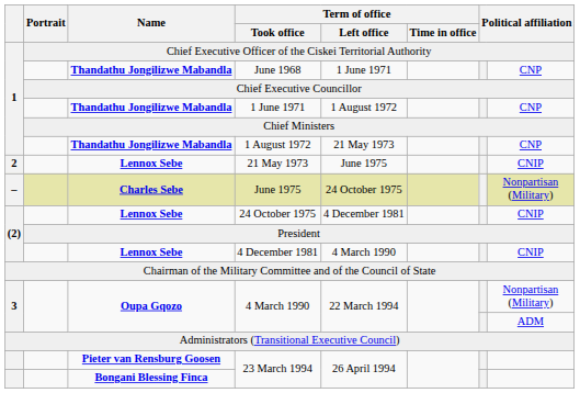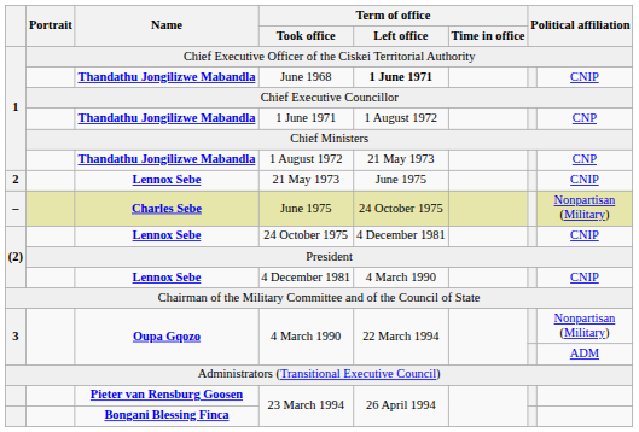 <table class="wikitable" style="font-size:80%;text-align:center">
 <tr>
 <th rowspan=2></th>
 <th rowspan=2>Portrait</th>
 <th rowspan=2>Name<br></th>
 <th colspan=3>Term of office</th>
 <th rowspan=2 colspan=2>Political affiliation</th>
 </tr>
 <tr>
 <th>Took office</th>
 <th>Left office</th>
 <th>Time in office</th>
 </tr>
 <tr style="background:#efefef;">
 <th rowspan=6>1</th>
 <td colspan=8>Chief Executive Officer of the Ciskei Territorial Authority</td>
 </tr>
 <tr>
 <td></td>
 <td><strong><a href='#'>Thandathu Jongilizwe Mabandla</a></strong><br></td>
 <td>June 1968</td>
-<td>1 June 1971</td>
+<td><strong>1 June 1971</strong></td>
 <td></td>
 <th style="background:"></th>
-<td><a href='#'>CNP</a></td>
+<td><a href='#'>CNIP</a></td>
 </tr>
 <tr style="background:#efefef;">
 <td colspan=8>Chief Executive Councillor</td>
 </tr>
 <tr>
 <td></td>
 <td><strong><a href='#'>Thandathu Jongilizwe Mabandla</a></strong><br></td>
 <td>1 June 1971</td>
 <td>1 August 1972</td>
 <td></td>
 <th style="background:"></th>
 <td><a href='#'>CNP</a></td>
 </tr>
 <tr style="background:#efefef;">
 <td colspan=8>Chief Ministers</td>
 </tr>
 <tr>
 <td></td>
 <td><strong><a href='#'>Thandathu Jongilizwe Mabandla</a></strong><br></td>
 <td>1 August 1972</td>
 <td>21 May 1973</td>
 <td></td>
 <th style="background:"></th>
 <td><a href='#'>CNP</a></td>
 </tr>
 <tr>
 <th>2</th>
 <td></td>
 <td><strong><a href='#'>Lennox Sebe</a></strong><br></td>
 <td>21 May 1973</td>
 <td>June 1975</td>
 <td></td>
 <th style="background:"></th>
 <td><a href='#'>CNIP</a></td>
 </tr>
 <tr style="background:#e6e6aa;">
 <th>–</th>
 <td></td>
 <td><strong><a href='#'>Charles Sebe</a></strong><br></td>
 <td>June 1975</td>
 <td>24 October 1975</td>
 <td></td>
 <th style="background:"></th>
 <td><a href='#'>Nonpartisan</a><br>(<a href='#'>Military</a>)</td>
 </tr>
 <tr>
 <th rowspan=3>(2)</th>
 <td></td>
 <td><strong><a href='#'>Lennox Sebe</a></strong><br></td>
 <td>24 October 1975</td>
 <td>4 December 1981</td>
 <td></td>
 <th style="background:"></th>
 <td><a href='#'>CNIP</a></td>
 </tr>
 <tr style="background:#efefef;">
 <td colspan=8>President</td>
 </tr>
 <tr>
 <td></td>
 <td><strong><a href='#'>Lennox Sebe</a></strong><br></td>
 <td>4 December 1981</td>
 <td>4 March 1990<br></td>
 <td></td>
 <th style="background:"></th>
 <td><a href='#'>CNIP</a></td>
 </tr>
 <tr style="background:#efefef;">
 <td colspan=8>Chairman of the Military Committee and of the Council of State</td>
 </tr>
 <tr>
 <th rowspan=2>3</th>
 <td rowspan=2></td>
 <td rowspan=2><strong><a href='#'>Oupa Gqozo</a></strong><br></td>
 <td rowspan=2>4 March 1990</td>
 <td rowspan=2>22 March 1994<br></td>
 <td rowspan=2></td>
 <th style="background:"></th>
 <td><a href='#'>Nonpartisan</a><br>(<a href='#'>Military</a>)</td>
 </tr>
 <tr>
 <th style="background:"></th>
 <td><a href='#'>ADM</a><br></td>
 </tr>
 <tr style="background:#efefef;">
 <td colspan=8>Administrators (<a href='#'>Transitional Executive Council</a>)</td>
 </tr>
 <tr>
 <th></th>
 <td></td>
 <td><strong><a href='#'>Pieter van Rensburg Goosen</a></strong></td>
 <td rowspan=2>23 March 1994</td>
 <td rowspan=2>26 April 1994</td>
 <td rowspan=2></td>
 <th></th>
 <td></td>
 </tr>
 <tr>
 <th></th>
 <td></td>
 <td><strong><a href='#'>Bongani Blessing Finca</a></strong><br></td>
 <th></th>
 <td></td>
 </tr>
 </table>
